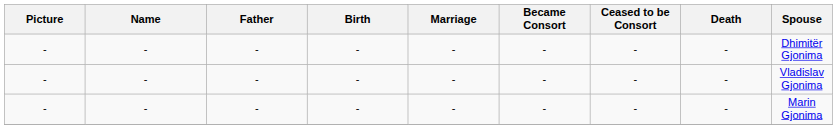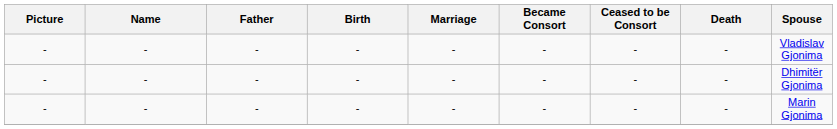 <table width=95% class="wikitable">
 <tr>
 <th width = "8%">Picture</th>
 <th width = "12%">Name</th>
 <th width = "10%">Father</th>
 <th width = "10%">Birth</th>
 <th width = "9%">Marriage</th>
 <th width = "9%">Became Consort</th>
 <th width = "9%">Ceased to be Consort</th>
 <th width = "9%">Death</th>
 <th width = "6%">Spouse</th>
 </tr>
 <tr>
 <td align="center">-</td>
 <td align="center">-</td>
 <td align="center">-</td>
 <td align="center">-</td>
 <td align="center">-</td>
 <td align="center">-</td>
 <td align="center">-</td>
 <td align="center">-</td>
-<td align="center"><a href='#'>Dhimitër Gjonima</a></td>
+<td align="center"><a href='#'>Vladislav Gjonima</a></td>
 </tr>
 <tr>
 <td align="center">-</td>
 <td align="center">-</td>
 <td align="center">-</td>
 <td align="center">-</td>
 <td align="center">-</td>
 <td align="center">-</td>
 <td align="center">-</td>
 <td align="center">-</td>
-<td align="center"><a href='#'>Vladislav Gjonima</a></td>
+<td align="center"><a href='#'>Dhimitër Gjonima</a></td>
 </tr>
 <tr>
 <td align="center">-</td>
 <td align="center">-</td>
 <td align="center">-</td>
 <td align="center">-</td>
 <td align="center">-</td>
 <td align="center">-</td>
 <td align="center">-</td>
 <td align="center">-</td>
 <td align="center"><a href='#'>Marin Gjonima</a></td>
 </tr>
 <tr>
 </tr>
 </table>
